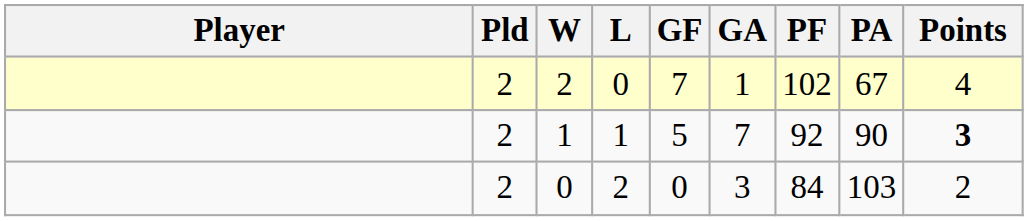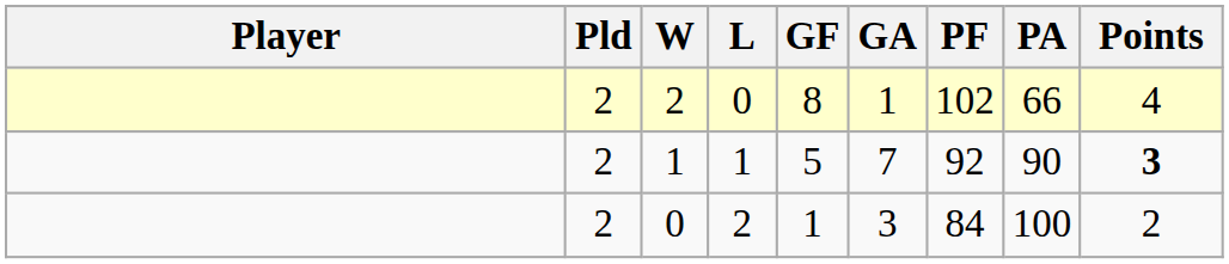 <table class=wikitable style="text-align:center;">
 <tr>
 <th width=220>Player</th>
 <th width=20>Pld</th>
 <th width=20>W</th>
 <th width=20>L</th>
 <th width=20>GF</th>
 <th width=20>GA</th>
 <th width=20>PF</th>
 <th width=20>PA</th>
 <th width=50>Points</th>
 </tr>
 <tr bgcolor=#ffffcc>
 <td style="text-align:left;"></td>
 <td>2</td>
 <td>2</td>
 <td>0</td>
-<td>7</td>
+<td>8</td>
 <td>1</td>
 <td>102</td>
-<td>67</td>
+<td>66</td>
 <td>4</td>
 </tr>
 <tr>
 <td style="text-align:left;"></td>
 <td>2</td>
 <td>1</td>
 <td>1</td>
 <td>5</td>
 <td>7</td>
 <td>92</td>
 <td>90</td>
 <td><strong>3</strong></td>
 </tr>
 <tr>
 <td style="text-align:left;"></td>
 <td>2</td>
 <td>0</td>
 <td>2</td>
-<td>0</td>
+<td>1</td>
 <td>3</td>
 <td>84</td>
-<td>103</td>
+<td>100</td>
 <td>2</td>
 </tr>
 </table>
